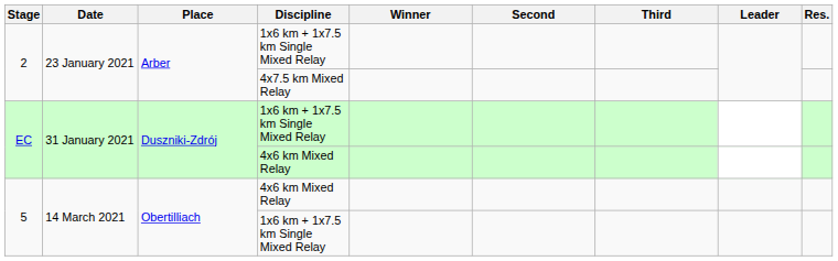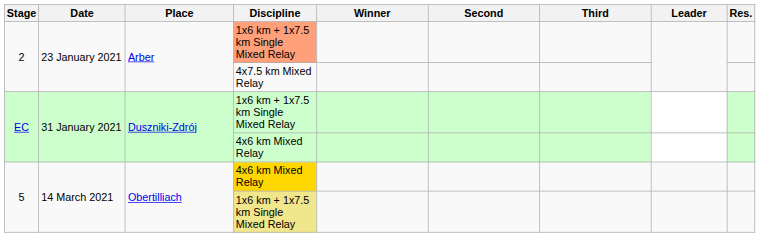 <table class="wikitable" style="font-size:95%;">
 <tr>
 <th width="20">Stage</th>
 <th width="115">Date</th>
 <th width="145">Place</th>
 <th width="110">Discipline</th>
 <th width="150">Winner</th>
 <th width="150">Second</th>
 <th width="150">Third</th>
 <th width="100">Leader<br></th>
 <th width="10">Res.</th>
 </tr>
 <tr>
 <td align=center rowspan=2>2</td>
 <td rowspan=2>23 January 2021</td>
 <td rowspan=2> <a href='#'>Arber</a></td>
-<td>1x6 km + 1x7.5 km Single Mixed Relay</td>
+<td style="background: lightsalmon;">1x6 km + 1x7.5 km Single Mixed Relay</td>
 <td></td>
 <td></td>
 <td></td>
 <td rowspan=2></td>
 <td></td>
 </tr>
 <tr>
 <td>4x7.5 km Mixed Relay</td>
 <td></td>
 <td></td>
 <td></td>
 <td></td>
 </tr>
 <tr style="background:#CCFFCC">
 <td rowspan=2 align=center><a href='#'>EC</a></td>
 <td rowspan=2>31 January 2021</td>
 <td rowspan=2> <a href='#'>Duszniki-Zdrój</a></td>
 <td>1x6 km + 1x7.5 km Single Mixed Relay</td>
 <td></td>
 <td></td>
 <td></td>
 <td style="background:#FFFFFF;"></td>
 <td></td>
 </tr>
 <tr style="background:#CCFFCC">
 <td>4x6 km Mixed Relay</td>
 <td></td>
 <td></td>
 <td></td>
 <td style="background:#FFFFFF;"></td>
 <td></td>
 </tr>
 <tr>
 <td rowspan=2 align=center>5</td>
 <td rowspan=2>14 March 2021</td>
 <td rowspan=2> <a href='#'>Obertilliach</a></td>
-<td>4x6 km Mixed Relay</td>
+<td style="background: gold;">4x6 km Mixed Relay</td>
 <td></td>
 <td></td>
 <td></td>
 <td><br></td>
 <td></td>
 </tr>
 <tr>
-<td>1x6 km + 1x7.5 km Single Mixed Relay</td>
+<td style="background: khaki;">1x6 km + 1x7.5 km Single Mixed Relay</td>
 <td></td>
 <td></td>
 <td></td>
 <td></td>
 <td></td>
 </tr>
 </table>
